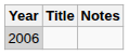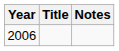 <table class="wikitable">
 <tr>
 <th>Year</th>
 <th>Title</th>
 <th>Notes</th>
 </tr>
 <tr>
-<td style="background: lightgrey;">2006</td>
+<td>2006</td>
 <td></td>
 </tr>
 </table>
